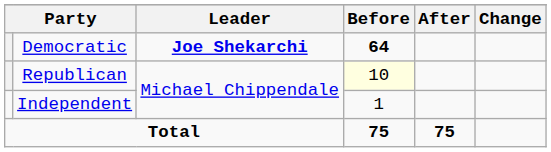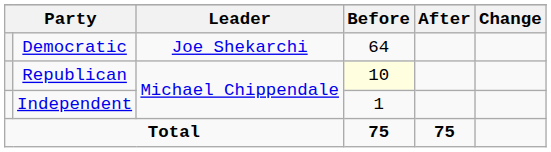 <table class="wikitable" style="text-align:center;">
 <tr>
 </tr>
 <tr>
 <th colspan="2">Party</th>
 <th>Leader</th>
 <th style="width:3em">Before</th>
 <th style="width:3em">After</th>
 <th style="width:3em">Change</th>
 </tr>
 <tr>
 <th style="background-color:"></th>
 <td><a href='#'>Democratic</a></td>
-<td><strong><a href='#'>Joe Shekarchi</a></strong></td>
-<td><strong>64</strong></td>
+<td><a href='#'>Joe Shekarchi</a></td>
+<td>64</td>
 <td></td>
 <td></td>
 </tr>
 <tr>
 <th style="background-color:"></th>
 <td><a href='#'>Republican</a></td>
 <td rowspan="2"><a href='#'>Michael Chippendale</a></td>
 <td style="background: lightyellow;">10</td>
 <td></td>
 <td></td>
 </tr>
 <tr>
 <td style="background-color:"></td>
 <td><a href='#'>Independent</a></td>
 <td>1</td>
 <td></td>
 <td></td>
 </tr>
 <tr>
 <td colspan="3"><strong>Total</strong></td>
 <td><strong>75</strong></td>
 <td><strong>75</strong></td>
 <td></td>
 </tr>
 </table>
